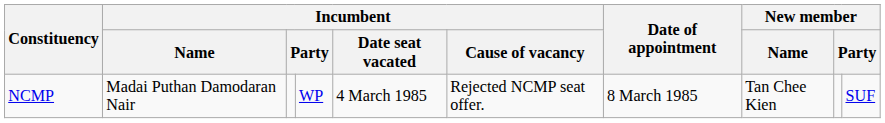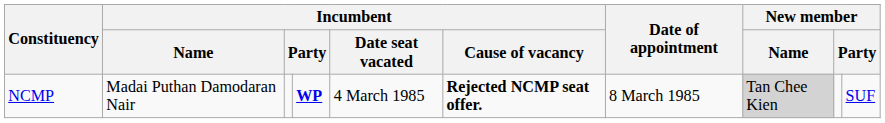 <table class="wikitable" border="1">
 <tr>
 <th rowspan="2">Constituency</th>
 <th colspan="5">Incumbent</th>
 <th rowspan="2">Date of appointment</th>
 <th colspan="3">New member</th>
 </tr>
 <tr>
 <th>Name</th>
 <th colspan="2">Party</th>
 <th>Date seat vacated</th>
 <th>Cause of vacancy</th>
 <th>Name</th>
 <th colspan="2">Party</th>
 </tr>
 <tr>
 <td scope="row"><a href='#'>NCMP</a></td>
 <td>Madai Puthan Damodaran Nair</td>
 <td></td>
-<td><a href='#'>WP</a></td>
+<td><strong><a href='#'>WP</a></strong></td>
 <td>4 March 1985</td>
-<td>Rejected NCMP seat offer.</td>
+<td><strong>Rejected NCMP seat offer.</strong></td>
 <td>8 March 1985</td>
-<td>Tan Chee Kien</td>
+<td style="background: lightgrey;">Tan Chee Kien</td>
 <td></td>
 <td><a href='#'>SUF</a></td>
 </tr>
 </table>
